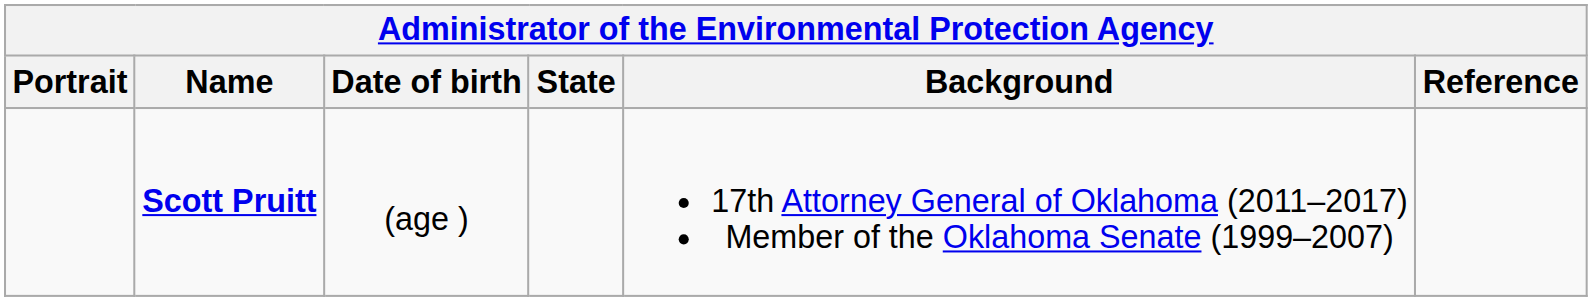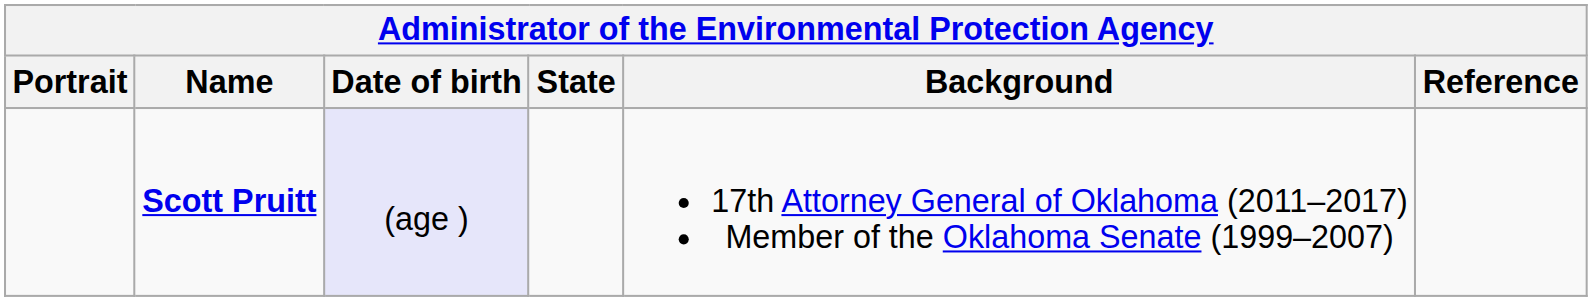 <table class="wikitable collapsible" style="text-align:center;">
 <tr>
 <th colspan="6"><a href='#'>Administrator of the Environmental Protection Agency</a></th>
 </tr>
 <tr>
 <th>Portrait</th>
 <th>Name</th>
 <th>Date of birth</th>
 <th>State</th>
 <th>Background</th>
 <th>Reference</th>
 </tr>
 <tr>
 <td></td>
 <td><strong><a href='#'>Scott Pruitt</a></strong></td>
-<td><br>(age )</td>
+<td style="background: lavender;"><br>(age )</td>
 <td></td>
 <td><br><ul><li>17th <a href='#'>Attorney General of Oklahoma</a> (2011–2017)</li><li>Member of the <a href='#'>Oklahoma Senate</a> (1999–2007)</li></ul></td>
 <td></td>
 </tr>
 </table>
